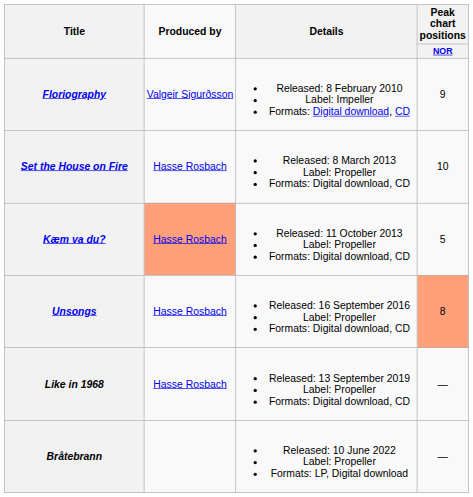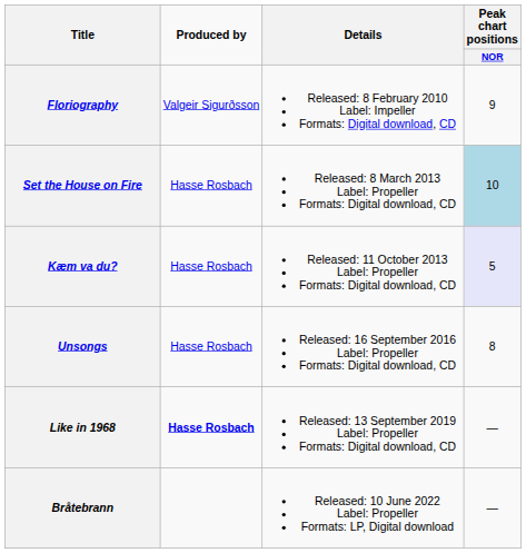 <table class="wikitable plainrowheaders" style="text-align:center;">
 <tr>
 <th rowspan="2" scope="col" style="width:13em;">Title</th>
 <td rowspan="2"><strong>Produced by</strong></td>
 <th rowspan="2" scope="col" style="width:17em;">Details</th>
 <th scope="col">Peak chart positions</th>
 </tr>
 <tr>
 <th scope="col" style="width:3em;font-size:85%;"><a href='#'>NOR</a><br></th>
 </tr>
 <tr>
 <th scope="row"><em><a href='#'>Floriography</a></em></th>
 <td><a href='#'>Valgeir Sigurðsson</a></td>
 <td><br><ul><li>Released: 8 February 2010</li><li>Label: Impeller</li><li>Formats: <a href='#'>Digital download</a>, <a href='#'>CD</a></li></ul></td>
 <td>9</td>
 </tr>
 <tr>
 <th scope="row"><em><a href='#'>Set the House on Fire</a></em></th>
 <td><a href='#'>Hasse Rosbach</a></td>
 <td><br><ul><li>Released: 8 March 2013</li><li>Label: Propeller</li><li>Formats: Digital download, CD</li></ul></td>
-<td>10</td>
+<td style="background: lightblue;">10</td>
 </tr>
 <tr>
 <th scope="row"><em><a href='#'>Kæm va du?</a></em></th>
-<td style="background: lightsalmon;"><a href='#'>Hasse Rosbach</a></td>
+<td><a href='#'>Hasse Rosbach</a></td>
 <td><br><ul><li>Released: 11 October 2013</li><li>Label: Propeller</li><li>Formats: Digital download, CD</li></ul></td>
-<td>5</td>
+<td style="background: lavender;">5</td>
 </tr>
 <tr>
 <th scope="row"><em><a href='#'>Unsongs</a></em></th>
 <td><a href='#'>Hasse Rosbach</a></td>
 <td><br><ul><li>Released: 16 September 2016</li><li>Label: Propeller</li><li>Formats: Digital download, CD</li></ul></td>
-<td style="background: lightsalmon;">8<br></td>
+<td>8<br></td>
 </tr>
 <tr>
 <th scope="row"><em>Like in 1968</em></th>
-<td><a href='#'>Hasse Rosbach</a></td>
+<td><strong><a href='#'>Hasse Rosbach</a></strong></td>
 <td><br><ul><li>Released: 13 September 2019</li><li>Label: Propeller</li><li>Formats: Digital download, CD</li></ul></td>
 <td>—</td>
 </tr>
 <tr>
 <th scope="row"><em>Bråtebrann</em></th>
 <td></td>
 <td><br><ul><li>Released: 10 June 2022</li><li>Label: Propeller</li><li>Formats: LP, Digital download</li></ul></td>
 <td>—</td>
 </tr>
 </table>
